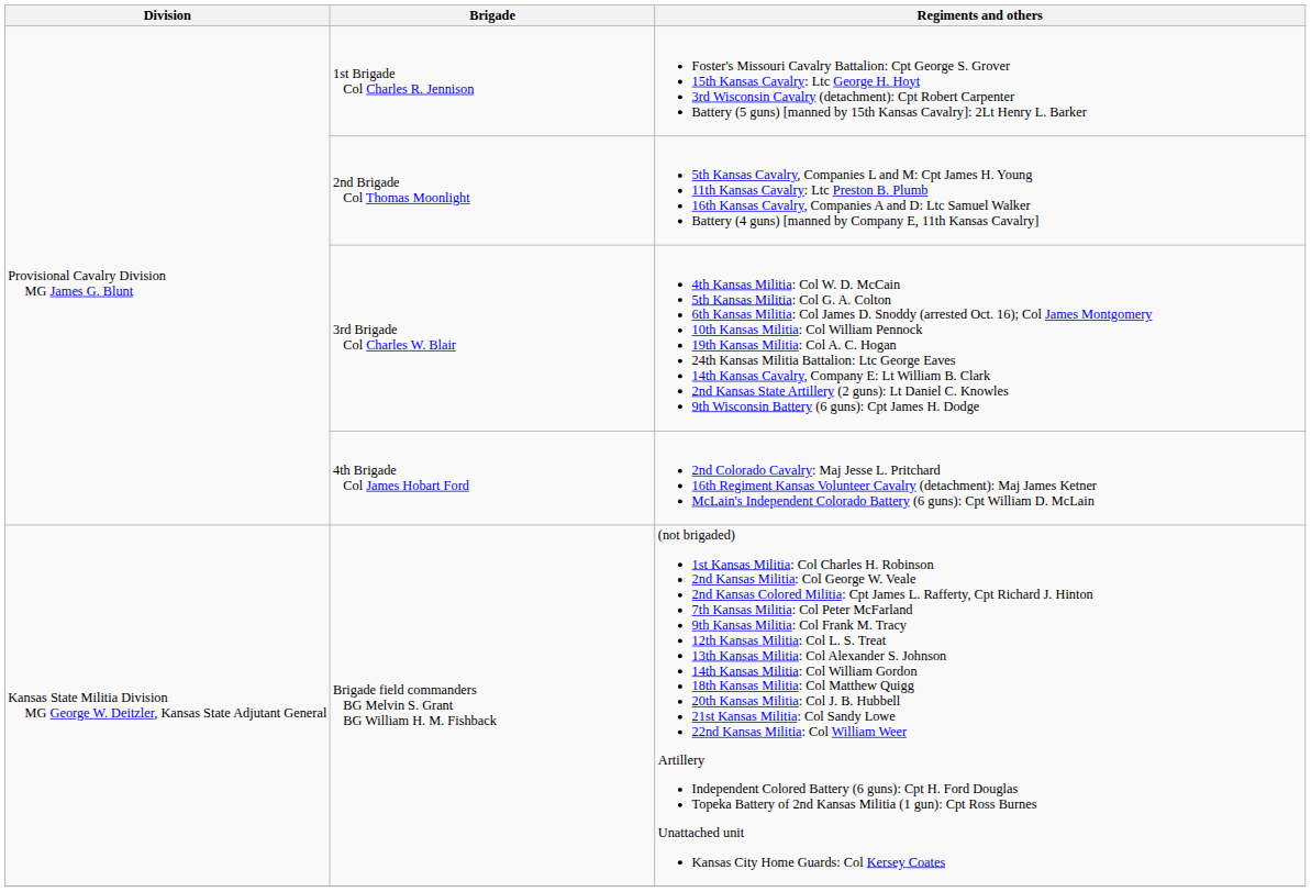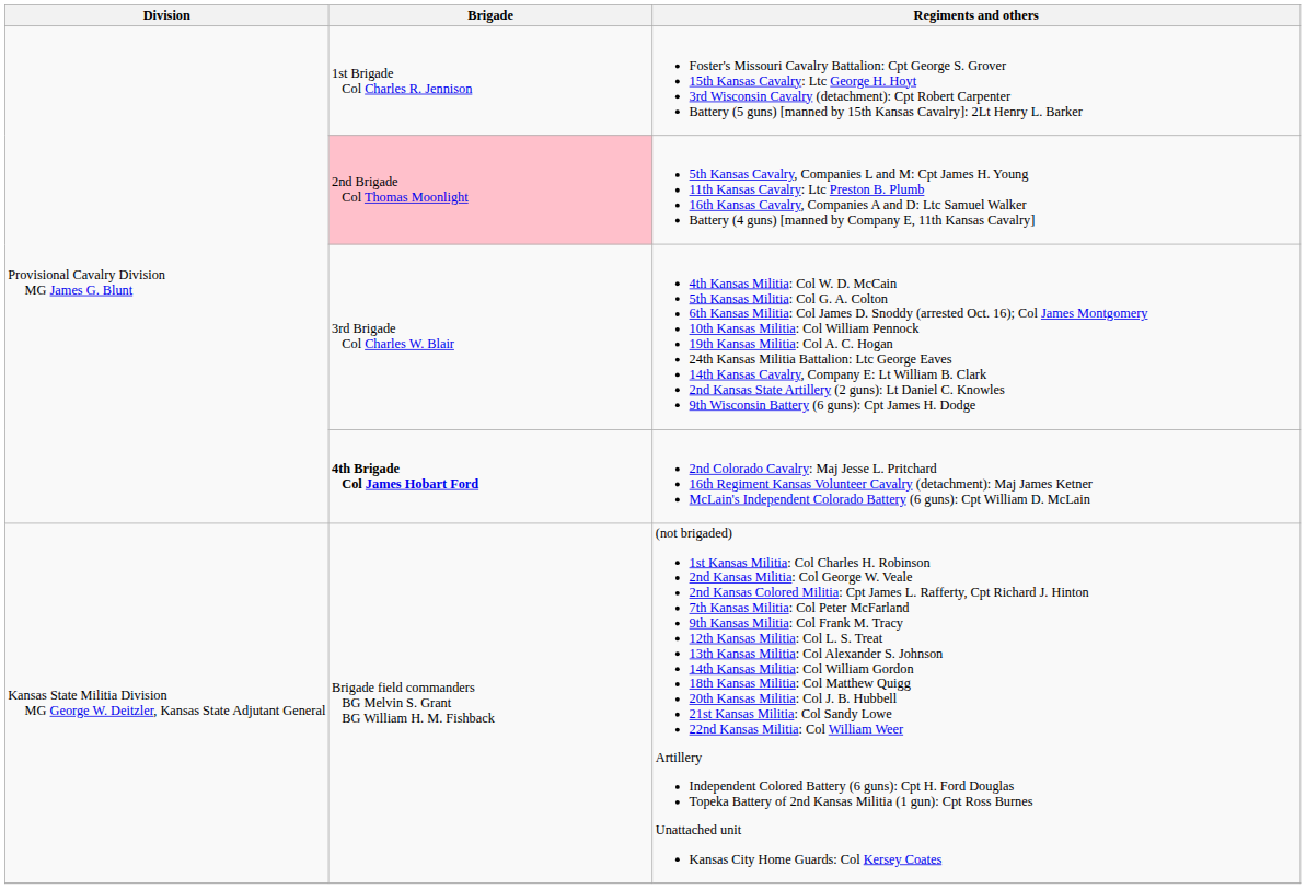 <table class="wikitable">
 <tr>
 <th width=25%>Division</th>
 <th width=25%>Brigade</th>
 <th>Regiments and others</th>
 </tr>
 <tr>
 <td rowspan=4><br>Provisional Cavalry Division <br>     MG <a href='#'>James G. Blunt</a></td>
 <td>1st Brigade<br>   Col <a href='#'>Charles R. Jennison</a></td>
 <td><br><ul><li>Foster's Missouri Cavalry Battalion: Cpt George S. Grover</li><li><a href='#'>15th Kansas Cavalry</a>: Ltc <a href='#'>George H. Hoyt</a></li><li><a href='#'>3rd Wisconsin Cavalry</a> (detachment): Cpt Robert Carpenter</li><li>Battery (5 guns) [manned by 15th Kansas Cavalry]: 2Lt Henry L. Barker</li></ul></td>
 </tr>
 <tr>
-<td>2nd Brigade<br>   Col <a href='#'>Thomas Moonlight</a></td>
+<td style="background: pink;">2nd Brigade<br>   Col <a href='#'>Thomas Moonlight</a></td>
 <td><br><ul><li><a href='#'>5th Kansas Cavalry</a>, Companies L and M: Cpt James H. Young</li><li><a href='#'>11th Kansas Cavalry</a>: Ltc <a href='#'>Preston B. Plumb</a></li><li><a href='#'>16th Kansas Cavalry</a>, Companies A and D: Ltc Samuel Walker</li><li>Battery (4 guns) [manned by Company E, 11th Kansas Cavalry]</li></ul></td>
 </tr>
 <tr>
 <td>3rd Brigade<br>   Col <a href='#'>Charles W. Blair</a></td>
 <td><br><ul><li><a href='#'>4th Kansas Militia</a>: Col W. D. McCain</li><li><a href='#'>5th Kansas Militia</a>: Col G. A. Colton</li><li><a href='#'>6th Kansas Militia</a>: Col James D. Snoddy (arrested Oct. 16); Col <a href='#'>James Montgomery</a></li><li><a href='#'>10th Kansas Militia</a>: Col William Pennock</li><li><a href='#'>19th Kansas Militia</a>: Col A. C. Hogan</li><li>24th Kansas Militia Battalion: Ltc George Eaves</li><li><a href='#'>14th Kansas Cavalry</a>, Company E: Lt William B. Clark</li><li><a href='#'>2nd Kansas State Artillery</a> (2 guns): Lt Daniel C. Knowles</li><li><a href='#'>9th Wisconsin Battery</a> (6 guns): Cpt James H. Dodge</li></ul></td>
 </tr>
 <tr>
-<td>4th Brigade<br>   Col <a href='#'>James Hobart Ford</a></td>
+<td><strong>4th Brigade<br>   Col <a href='#'>James Hobart Ford</a></strong></td>
 <td><br><ul><li><a href='#'>2nd Colorado Cavalry</a>: Maj Jesse L. Pritchard</li><li><a href='#'>16th Regiment Kansas Volunteer Cavalry</a> (detachment): Maj James Ketner</li><li><a href='#'>McLain's Independent Colorado Battery</a> (6 guns): Cpt William D. McLain</li></ul></td>
 </tr>
 <tr>
 <td rowspan=1><br>Kansas State Militia Division <br>     MG <a href='#'>George W. Deitzler</a>, Kansas State Adjutant General<br>  </td>
 <td>Brigade field commanders<br>   BG Melvin S. Grant<br>   BG William H. M. Fishback</td>
 <td>(not brigaded)<br><ul><li><a href='#'>1st Kansas Militia</a>: Col Charles H. Robinson</li><li><a href='#'>2nd Kansas Militia</a>: Col George W. Veale</li><li><a href='#'>2nd Kansas Colored Militia</a>: Cpt James L. Rafferty, Cpt Richard J. Hinton</li><li><a href='#'>7th Kansas Militia</a>: Col Peter McFarland</li><li><a href='#'>9th Kansas Militia</a>: Col Frank M. Tracy</li><li><a href='#'>12th Kansas Militia</a>: Col L. S. Treat</li><li><a href='#'>13th Kansas Militia</a>: Col Alexander S. Johnson</li><li><a href='#'>14th Kansas Militia</a>: Col William Gordon</li><li><a href='#'>18th Kansas Militia</a>: Col Matthew Quigg</li><li><a href='#'>20th Kansas Militia</a>: Col J. B. Hubbell</li><li><a href='#'>21st Kansas Militia</a>: Col Sandy Lowe</li><li><a href='#'>22nd Kansas Militia</a>: Col <a href='#'>William Weer</a></li></ul>Artillery<ul><li>Independent Colored Battery (6 guns): Cpt H. Ford Douglas</li><li>Topeka Battery of 2nd Kansas Militia (1 gun): Cpt Ross Burnes</li></ul>Unattached unit<ul><li>Kansas City Home Guards: Col <a href='#'>Kersey Coates</a></li></ul></td>
 </tr>
 <tr>
 </tr>
 </table>
